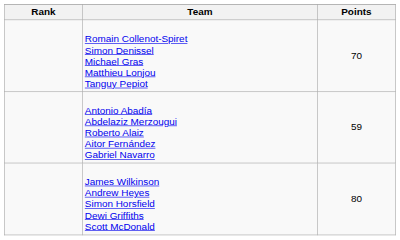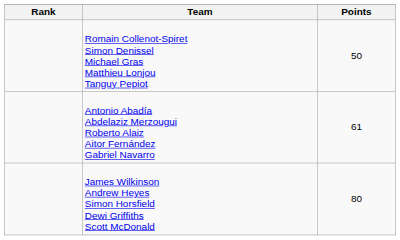 <table class="wikitable" style="width:50%;">
 <tr>
 </tr>
 <tr>
 <th width=10%>Rank</th>
 <th width=30%>Team</th>
 <th width=10%>Points</th>
 </tr>
 <tr style="text-align:center;">
 <td></td>
 <td style="text-align:left;"><br><a href='#'>Romain Collenot-Spiret</a><br><a href='#'>Simon Denissel</a><br><a href='#'>Michael Gras</a><br><a href='#'>Matthieu Lonjou</a><br><a href='#'>Tanguy Pepiot</a></td>
-<td>70</td>
+<td>50</td>
 </tr>
 <tr style="text-align:center;">
 <td></td>
 <td style="text-align:left;"><br><a href='#'>Antonio Abadía</a><br><a href='#'>Abdelaziz Merzougui</a><br><a href='#'>Roberto Alaiz</a><br><a href='#'>Aitor Fernández</a><br><a href='#'>Gabriel Navarro</a></td>
-<td>59</td>
+<td>61</td>
 </tr>
 <tr style="text-align:center;">
 <td></td>
 <td style="text-align:left;"><br><a href='#'>James Wilkinson</a><br><a href='#'>Andrew Heyes</a><br><a href='#'>Simon Horsfield</a><br><a href='#'>Dewi Griffiths</a><br><a href='#'>Scott McDonald</a></td>
 <td>80</td>
 </tr>
 </table>
